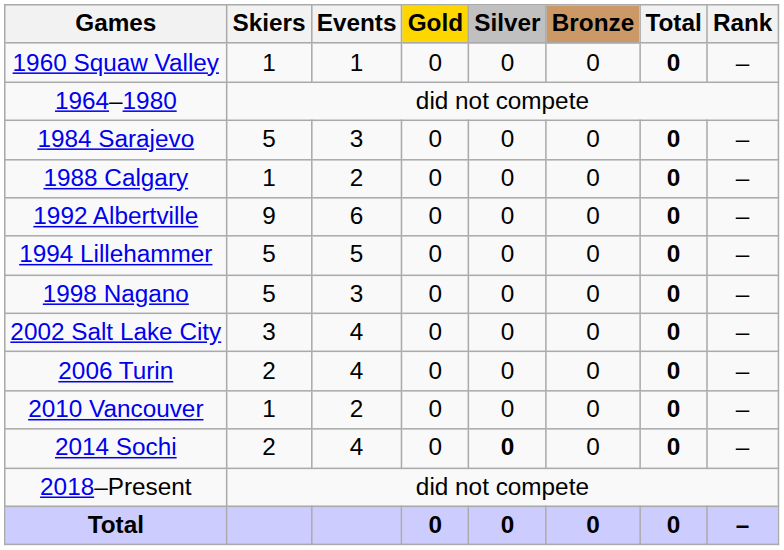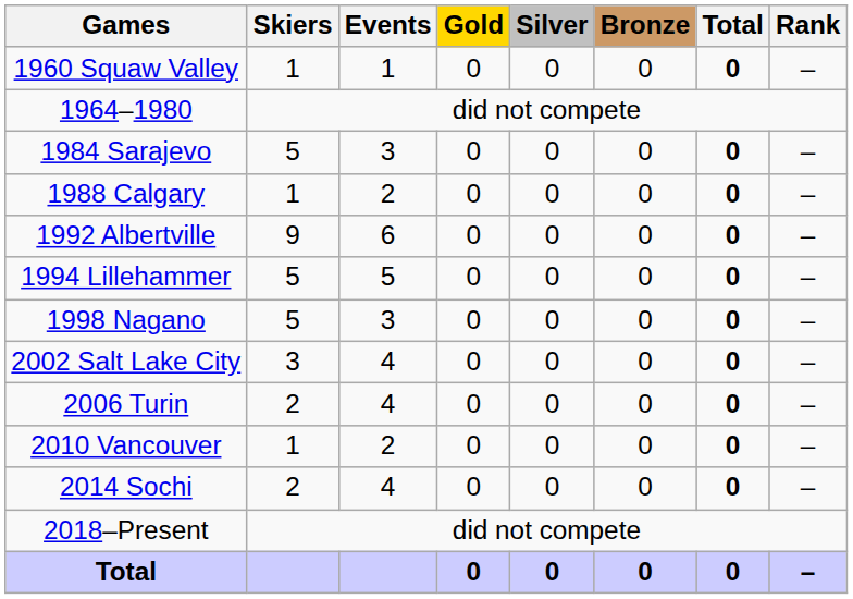 <table class="wikitable sortable collapsible collapsed">
 <tr>
 <th>Games</th>
 <th>Skiers</th>
 <th>Events</th>
 <th style="text-align:center; background-color:gold;">Gold</th>
 <th style="text-align:center; background-color:silver;">Silver</th>
 <th style="text-align:center; background-color:#c96;">Bronze</th>
 <th>Total</th>
 <th>Rank</th>
 </tr>
 <tr align=center>
 <td><a href='#'>1960 Squaw Valley</a></td>
 <td>1</td>
 <td>1</td>
 <td>0</td>
 <td>0</td>
 <td>0</td>
 <td><strong>0</strong></td>
 <td>–</td>
 </tr>
 <tr align=center>
 <td><a href='#'>1964</a>–<a href='#'>1980</a></td>
 <td colspan=7>did not compete</td>
 </tr>
 <tr align=center>
 <td><a href='#'>1984 Sarajevo</a></td>
 <td>5</td>
 <td>3</td>
 <td>0</td>
 <td>0</td>
 <td>0</td>
 <td><strong>0</strong></td>
 <td>–</td>
 </tr>
 <tr align=center>
 <td><a href='#'>1988 Calgary</a></td>
 <td>1</td>
 <td>2</td>
 <td>0</td>
 <td>0</td>
 <td>0</td>
 <td><strong>0</strong></td>
 <td>–</td>
 </tr>
 <tr align=center>
 <td><a href='#'>1992 Albertville</a></td>
 <td>9</td>
 <td>6</td>
 <td>0</td>
 <td>0</td>
 <td>0</td>
 <td><strong>0</strong></td>
 <td>–</td>
 </tr>
 <tr align=center>
 <td><a href='#'>1994 Lillehammer</a></td>
 <td>5</td>
 <td>5</td>
 <td>0</td>
 <td>0</td>
 <td>0</td>
 <td><strong>0</strong></td>
 <td>–</td>
 </tr>
 <tr align=center>
 <td><a href='#'>1998 Nagano</a></td>
 <td>5</td>
 <td>3</td>
 <td>0</td>
 <td>0</td>
 <td>0</td>
 <td><strong>0</strong></td>
 <td>–</td>
 </tr>
 <tr align=center>
 <td><a href='#'>2002 Salt Lake City</a></td>
 <td>3</td>
 <td>4</td>
 <td>0</td>
 <td>0</td>
 <td>0</td>
 <td><strong>0</strong></td>
 <td>–</td>
 </tr>
 <tr align=center>
 <td><a href='#'>2006 Turin</a></td>
 <td>2</td>
 <td>4</td>
 <td>0</td>
 <td>0</td>
 <td>0</td>
 <td><strong>0</strong></td>
 <td>–</td>
 </tr>
 <tr align=center>
 <td><a href='#'>2010 Vancouver</a></td>
 <td>1</td>
 <td>2</td>
 <td>0</td>
 <td>0</td>
 <td>0</td>
 <td><strong>0</strong></td>
 <td>–</td>
 </tr>
 <tr align=center>
 <td><a href='#'>2014 Sochi</a></td>
 <td>2</td>
 <td>4</td>
 <td>0</td>
-<td><strong>0</strong></td>
+<td>0</td>
 <td>0</td>
 <td><strong>0</strong></td>
 <td>–</td>
 </tr>
 <tr align=center>
 <td><a href='#'>2018</a>–Present</td>
 <td colspan=7>did not compete</td>
 </tr>
 <tr style="text-align:center; background-color:#ccf;">
 <td><strong>Total</strong></td>
 <td></td>
 <td></td>
 <td><strong>0</strong></td>
 <td><strong>0</strong></td>
 <td><strong>0</strong></td>
 <td><strong>0</strong></td>
 <td><strong>–</strong></td>
 </tr>
 </table>
